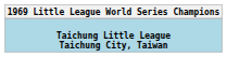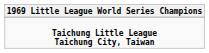 <table class="wikitable" style="text-align: center; margin: 0 auto;">
 <tr>
 <th>1969 Little League World Series Champions</th>
 </tr>
 <tr>
 </tr>
 <tr>
-<td style="background: lightblue;"><br><strong>Taichung Little League</strong><br><strong>Taichung City, Taiwan</strong></td>
+<td><br><strong>Taichung Little League</strong><br><strong>Taichung City, Taiwan</strong></td>
 </tr>
 </table>
